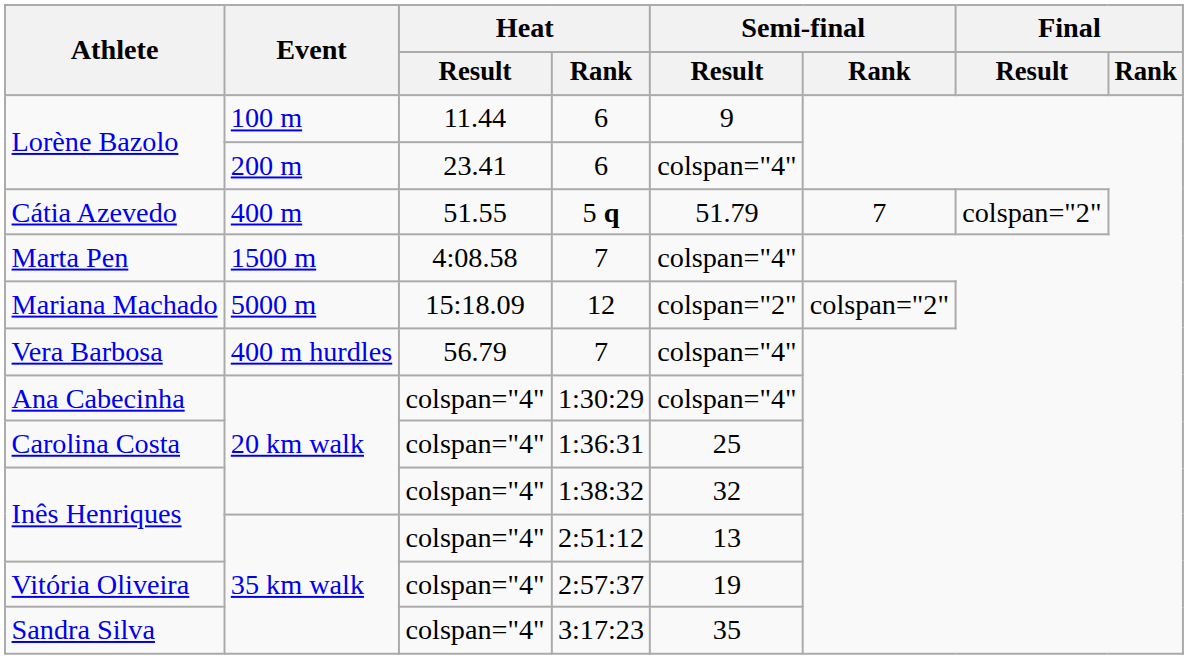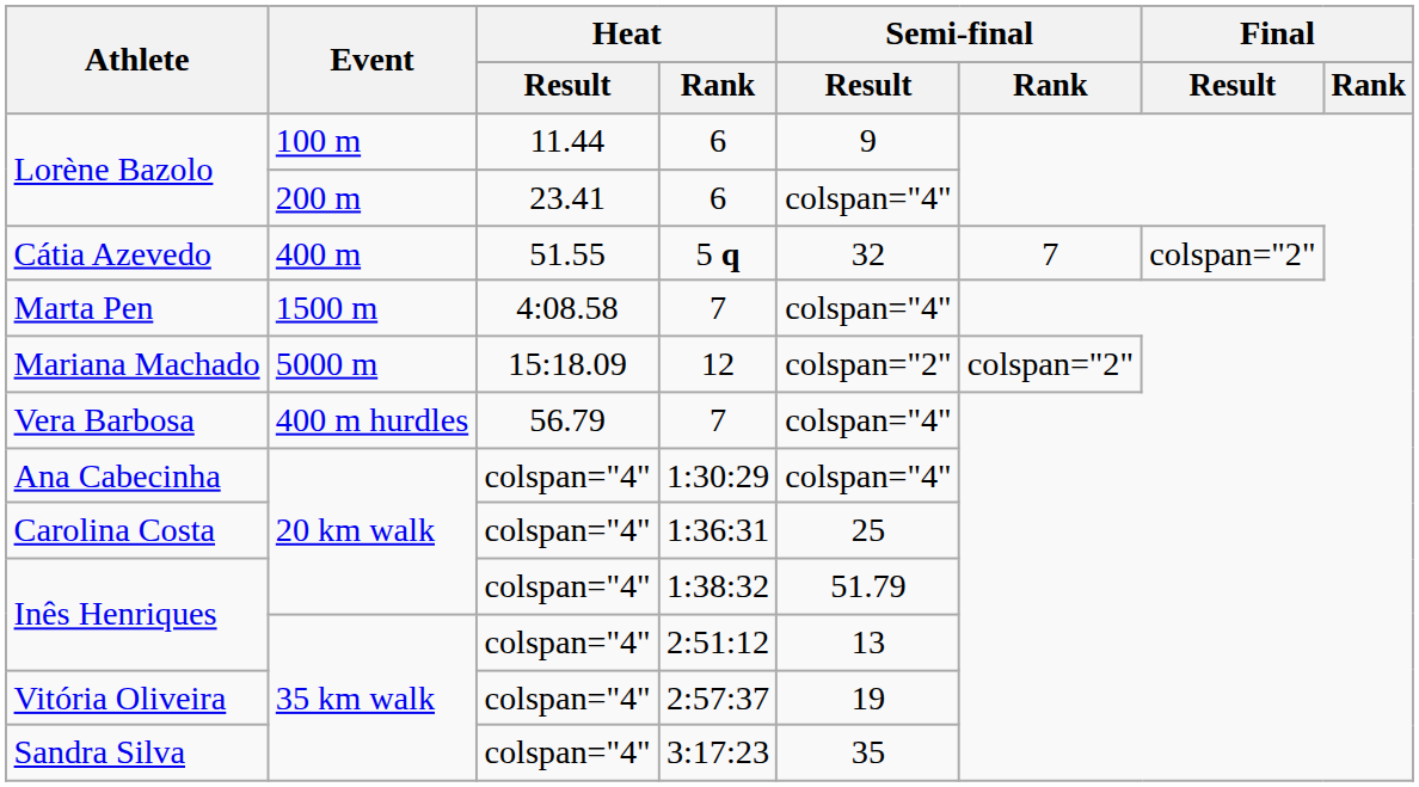 <table class="wikitable" style="font-size:90%">
 <tr>
 <th rowspan="2">Athlete</th>
 <th rowspan="2">Event</th>
 <th colspan="2">Heat</th>
 <th colspan="2">Semi-final</th>
 <th colspan="2">Final</th>
 </tr>
 <tr style="font-size:95%">
 <th>Result</th>
 <th>Rank</th>
 <th>Result</th>
 <th>Rank</th>
 <th>Result</th>
 <th>Rank</th>
 </tr>
 <tr align=center>
 <td rowspan="2" align="left"><a href='#'>Lorène Bazolo</a></td>
 <td align="left"><a href='#'>100 m</a></td>
 <td>11.44</td>
 <td>6</td>
 <td>9</td>
 </tr>
 <tr align=center>
 <td align="left"><a href='#'>200 m</a></td>
 <td>23.41</td>
 <td>6</td>
 <td>colspan="4" </td>
 </tr>
 <tr align=center>
 <td align="left"><a href='#'>Cátia Azevedo</a></td>
 <td align="left"><a href='#'>400 m</a></td>
 <td>51.55</td>
 <td>5 <strong>q</strong></td>
-<td>51.79</td>
+<td>32</td>
 <td>7</td>
 <td>colspan="2" </td>
 </tr>
 <tr align=center>
 <td align="left"><a href='#'>Marta Pen</a></td>
 <td align="left"><a href='#'>1500 m</a></td>
 <td>4:08.58</td>
 <td>7</td>
 <td>colspan="4" </td>
 </tr>
 <tr align=center>
 <td align="left"><a href='#'>Mariana Machado</a></td>
 <td align="left"><a href='#'>5000 m</a></td>
 <td>15:18.09 </td>
 <td>12</td>
 <td>colspan="2" </td>
 <td>colspan="2" </td>
 </tr>
 <tr align=center>
 <td align="left"><a href='#'>Vera Barbosa</a></td>
 <td align="left"><a href='#'>400 m hurdles</a></td>
 <td>56.79</td>
 <td>7</td>
 <td>colspan="4" </td>
 </tr>
 <tr align=center>
 <td align="left"><a href='#'>Ana Cabecinha</a></td>
 <td rowspan="3" align="left"><a href='#'>20 km walk</a></td>
 <td>colspan="4" </td>
 <td>1:30:29 </td>
 <td>colspan="4" </td>
 </tr>
 <tr align=center>
 <td align="left"><a href='#'>Carolina Costa</a></td>
 <td>colspan="4" </td>
 <td>1:36:31</td>
 <td>25</td>
 </tr>
 <tr align=center>
 <td rowspan="2" align="left"><a href='#'>Inês Henriques</a></td>
 <td>colspan="4" </td>
 <td>1:38:32</td>
-<td>32</td>
+<td>51.79</td>
 </tr>
 <tr align=center>
 <td rowspan="3" align="left"><a href='#'>35 km walk</a></td>
 <td>colspan="4" </td>
 <td>2:51:12 </td>
 <td>13</td>
 </tr>
 <tr align=center>
 <td align="left"><a href='#'>Vitória Oliveira</a></td>
 <td>colspan="4" </td>
 <td>2:57:37</td>
 <td>19</td>
 </tr>
 <tr align=center>
 <td align="left"><a href='#'>Sandra Silva</a></td>
 <td>colspan="4" </td>
 <td>3:17:23 </td>
 <td>35</td>
 </tr>
 </table>
